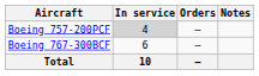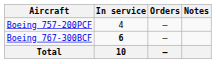 <table class="wikitable" style="border-collapse:collapse;text-align:center;margin:auto;">
 <tr>
 <th>Aircraft</th>
 <th>In service</th>
 <th>Orders</th>
 <th>Notes</th>
 </tr>
 <tr>
 <td><a href='#'>Boeing 757-200PCF</a></td>
-<td style="background: lightgrey;">4</td>
+<td>4</td>
 <td>—</td>
 <td></td>
 </tr>
 <tr>
 <td><a href='#'>Boeing 767-300BCF</a></td>
-<td>6</td>
+<td><strong>6</strong></td>
 <td>—</td>
 <td></td>
 </tr>
 <tr>
 <th>Total</th>
 <th>10</th>
 <th>—</th>
 <th colspan="2"></th>
 </tr>
 </table>
